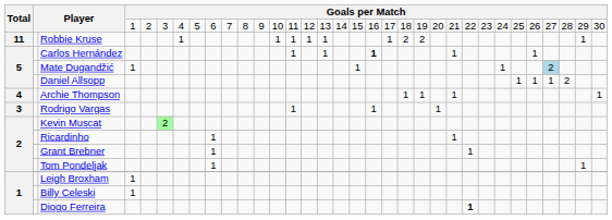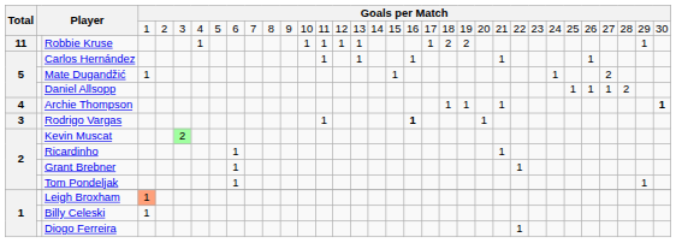 <table class="wikitable" style="text-align:center; line-height: 90%; font-size:90%;">
 <tr>
 <th rowspan=2>Total</th>
 <th rowspan=2 colspan=2>Player</th>
 <th colspan=30>Goals per Match</th>
 </tr>
 <tr>
 <td> 1 </td>
 <td> 2 </td>
 <td> 3 </td>
 <td> 4 </td>
 <td> 5 </td>
 <td> 6 </td>
 <td> 7 </td>
 <td> 8 </td>
 <td> 9 </td>
 <td>10</td>
 <td>11</td>
 <td>12</td>
 <td>13</td>
 <td>14</td>
 <td>15</td>
 <td>16</td>
 <td>17</td>
 <td>18</td>
 <td>19</td>
 <td>20</td>
 <td>21</td>
 <td>22</td>
 <td>23</td>
 <td>24</td>
 <td>25</td>
 <td>26</td>
 <td>27</td>
 <td>28</td>
 <td>29</td>
 <td>30</td>
 </tr>
 <tr>
 <th>11</th>
 <td></td>
 <td style="text-align:left;"><a href='#'>Robbie Kruse</a></td>
 <td></td>
 <td></td>
 <td></td>
 <td>1</td>
 <td></td>
 <td></td>
 <td></td>
 <td></td>
 <td></td>
 <td>1</td>
 <td>1</td>
 <td>1</td>
 <td>1</td>
 <td></td>
 <td></td>
 <td></td>
 <td>1</td>
 <td>2</td>
 <td>2</td>
 <td></td>
 <td></td>
 <td></td>
 <td></td>
 <td></td>
 <td></td>
 <td></td>
 <td></td>
 <td></td>
 <td>1</td>
 <td></td>
 </tr>
 <tr>
 <th rowspan=3>5</th>
 <td></td>
 <td style="text-align:left;"><a href='#'>Carlos Hernández</a></td>
 <td></td>
 <td></td>
 <td></td>
 <td></td>
 <td></td>
 <td></td>
 <td></td>
 <td></td>
 <td></td>
 <td></td>
 <td>1</td>
 <td></td>
 <td>1</td>
 <td></td>
 <td></td>
-<td><strong>1</strong></td>
+<td>1</td>
 <td></td>
 <td></td>
 <td></td>
 <td></td>
 <td>1</td>
 <td></td>
 <td></td>
 <td></td>
 <td></td>
 <td>1</td>
 <td></td>
 <td></td>
 <td></td>
 <td></td>
 </tr>
 <tr>
 <td></td>
 <td style="text-align:left;"><a href='#'>Mate Dugandžić</a></td>
 <td>1</td>
 <td></td>
 <td></td>
 <td></td>
 <td></td>
 <td></td>
 <td></td>
 <td></td>
 <td></td>
 <td></td>
 <td></td>
 <td></td>
 <td></td>
 <td></td>
 <td>1</td>
 <td></td>
 <td></td>
 <td></td>
 <td></td>
 <td></td>
 <td></td>
 <td></td>
 <td></td>
 <td>1</td>
 <td></td>
 <td></td>
-<td style="background: lightblue;">2</td>
+<td>2</td>
 <td></td>
 <td></td>
 <td></td>
 </tr>
 <tr>
 <td></td>
 <td style="text-align:left;"><a href='#'>Daniel Allsopp</a></td>
 <td></td>
 <td></td>
 <td></td>
 <td></td>
 <td></td>
 <td></td>
 <td></td>
 <td></td>
 <td></td>
 <td></td>
 <td></td>
 <td></td>
 <td></td>
 <td></td>
 <td></td>
 <td></td>
 <td></td>
 <td></td>
 <td></td>
 <td></td>
 <td></td>
 <td></td>
 <td></td>
 <td></td>
 <td>1</td>
 <td>1</td>
 <td>1</td>
 <td>2</td>
 <td></td>
 <td></td>
 </tr>
 <tr>
 <th>4</th>
 <td></td>
 <td style="text-align:left;"><a href='#'>Archie Thompson</a></td>
 <td></td>
 <td></td>
 <td></td>
 <td></td>
 <td></td>
 <td></td>
 <td></td>
 <td></td>
 <td></td>
 <td></td>
 <td></td>
 <td></td>
 <td></td>
 <td></td>
 <td></td>
 <td></td>
 <td></td>
 <td>1</td>
 <td>1</td>
 <td></td>
 <td>1</td>
 <td></td>
 <td></td>
 <td></td>
 <td></td>
 <td></td>
 <td></td>
 <td></td>
 <td></td>
-<td>1</td>
+<td><strong>1</strong></td>
 </tr>
 <tr>
 <th>3</th>
 <td></td>
 <td style="text-align:left;"><a href='#'>Rodrigo Vargas</a></td>
 <td></td>
 <td></td>
 <td></td>
 <td></td>
 <td></td>
 <td></td>
 <td></td>
 <td></td>
 <td></td>
 <td></td>
 <td>1</td>
 <td></td>
 <td></td>
 <td></td>
 <td></td>
-<td>1</td>
+<td><strong>1</strong></td>
 <td></td>
 <td></td>
 <td></td>
 <td>1</td>
 <td></td>
 <td></td>
 <td></td>
 <td></td>
 <td></td>
 <td></td>
 <td></td>
 <td></td>
 <td></td>
 <td></td>
 </tr>
 <tr>
 <th rowspan=4>2</th>
 <td></td>
 <td style="text-align:left;"><a href='#'>Kevin Muscat</a></td>
 <td></td>
 <td></td>
 <td style="background:#a0ffa0;">2</td>
 <td></td>
 <td></td>
 <td></td>
 <td></td>
 <td></td>
 <td></td>
 <td></td>
 <td></td>
 <td></td>
 <td></td>
 <td></td>
 <td></td>
 <td></td>
 <td></td>
 <td></td>
 <td></td>
 <td></td>
 <td></td>
 <td></td>
 <td></td>
 <td></td>
 <td></td>
 <td></td>
 <td></td>
 <td></td>
 <td></td>
 <td></td>
 </tr>
 <tr>
 <td></td>
 <td style="text-align:left;"><a href='#'>Ricardinho</a></td>
 <td></td>
 <td></td>
 <td></td>
 <td></td>
 <td></td>
 <td>1</td>
 <td></td>
 <td></td>
 <td></td>
 <td></td>
 <td></td>
 <td></td>
 <td></td>
 <td></td>
 <td></td>
 <td></td>
 <td></td>
 <td></td>
 <td></td>
 <td></td>
 <td>1</td>
 <td></td>
 <td></td>
 <td></td>
 <td></td>
 <td></td>
 <td></td>
 <td></td>
 <td></td>
 <td></td>
 </tr>
 <tr>
 <td></td>
 <td style="text-align:left;"><a href='#'>Grant Brebner</a></td>
 <td></td>
 <td></td>
 <td></td>
 <td></td>
 <td></td>
 <td>1</td>
 <td></td>
 <td></td>
 <td></td>
 <td></td>
 <td></td>
 <td></td>
 <td></td>
 <td></td>
 <td></td>
 <td></td>
 <td></td>
 <td></td>
 <td></td>
 <td></td>
 <td></td>
 <td>1</td>
 <td></td>
 <td></td>
 <td></td>
 <td></td>
 <td></td>
 <td></td>
 <td></td>
 <td></td>
 </tr>
 <tr>
 <td></td>
 <td style="text-align:left;"><a href='#'>Tom Pondeljak</a></td>
 <td></td>
 <td></td>
 <td></td>
 <td></td>
 <td></td>
 <td>1</td>
 <td></td>
 <td></td>
 <td></td>
 <td></td>
 <td></td>
 <td></td>
 <td></td>
 <td></td>
 <td></td>
 <td></td>
 <td></td>
 <td></td>
 <td></td>
 <td></td>
 <td></td>
 <td></td>
 <td></td>
 <td></td>
 <td></td>
 <td></td>
 <td></td>
 <td></td>
 <td>1</td>
 <td></td>
 </tr>
 <tr>
 <th rowspan=6>1</th>
 </tr>
 <tr>
 <td></td>
 <td style="text-align:left;"><a href='#'>Leigh Broxham</a></td>
-<td>1</td>
+<td style="background: lightsalmon;">1</td>
 <td></td>
 <td></td>
 <td></td>
 <td></td>
 <td></td>
 <td></td>
 <td></td>
 <td></td>
 <td></td>
 <td></td>
 <td></td>
 <td></td>
 <td></td>
 <td></td>
 <td></td>
 <td></td>
 <td></td>
 <td></td>
 <td></td>
 <td></td>
 <td></td>
 <td></td>
 <td></td>
 <td></td>
 <td></td>
 <td></td>
 <td></td>
 <td></td>
 <td></td>
 </tr>
 <tr>
 <td></td>
 <td style="text-align:left;"><a href='#'>Billy Celeski</a></td>
 <td>1</td>
 <td></td>
 <td></td>
 <td></td>
 <td></td>
 <td></td>
 <td></td>
 <td></td>
 <td></td>
 <td></td>
 <td></td>
 <td></td>
 <td></td>
 <td></td>
 <td></td>
 <td></td>
 <td></td>
 <td></td>
 <td></td>
 <td></td>
 <td></td>
 <td></td>
 <td></td>
 <td></td>
 <td></td>
 <td></td>
 <td></td>
 <td></td>
 <td></td>
 <td></td>
 </tr>
 <tr>
 <td></td>
 <td style="text-align:left;"><a href='#'>Diogo Ferreira</a></td>
 <td></td>
 <td></td>
 <td></td>
 <td></td>
 <td></td>
 <td></td>
 <td></td>
 <td></td>
 <td></td>
 <td></td>
 <td></td>
 <td></td>
 <td></td>
 <td></td>
 <td></td>
 <td></td>
 <td></td>
 <td></td>
 <td></td>
 <td></td>
 <td></td>
-<td><strong>1</strong></td>
+<td>1</td>
 <td></td>
 <td></td>
 <td></td>
 <td></td>
 <td></td>
 <td></td>
 <td></td>
 <td></td>
 </tr>
 </table>
